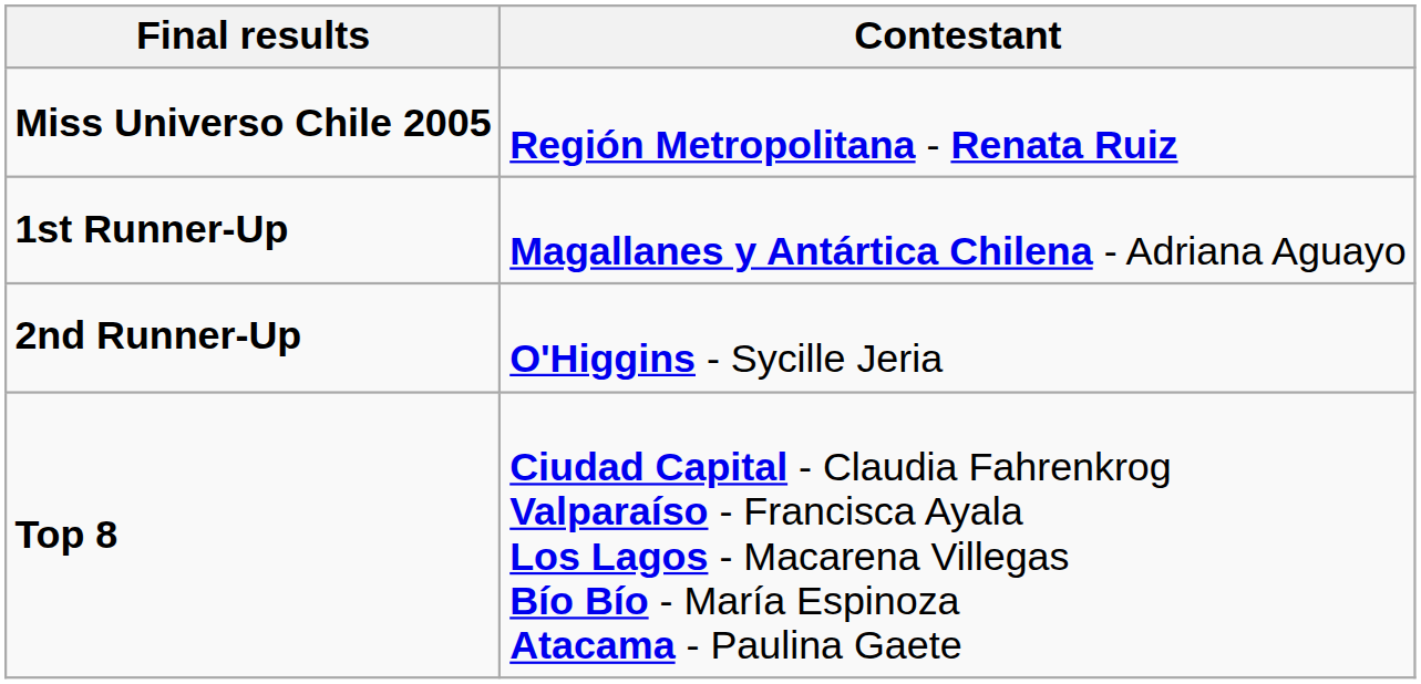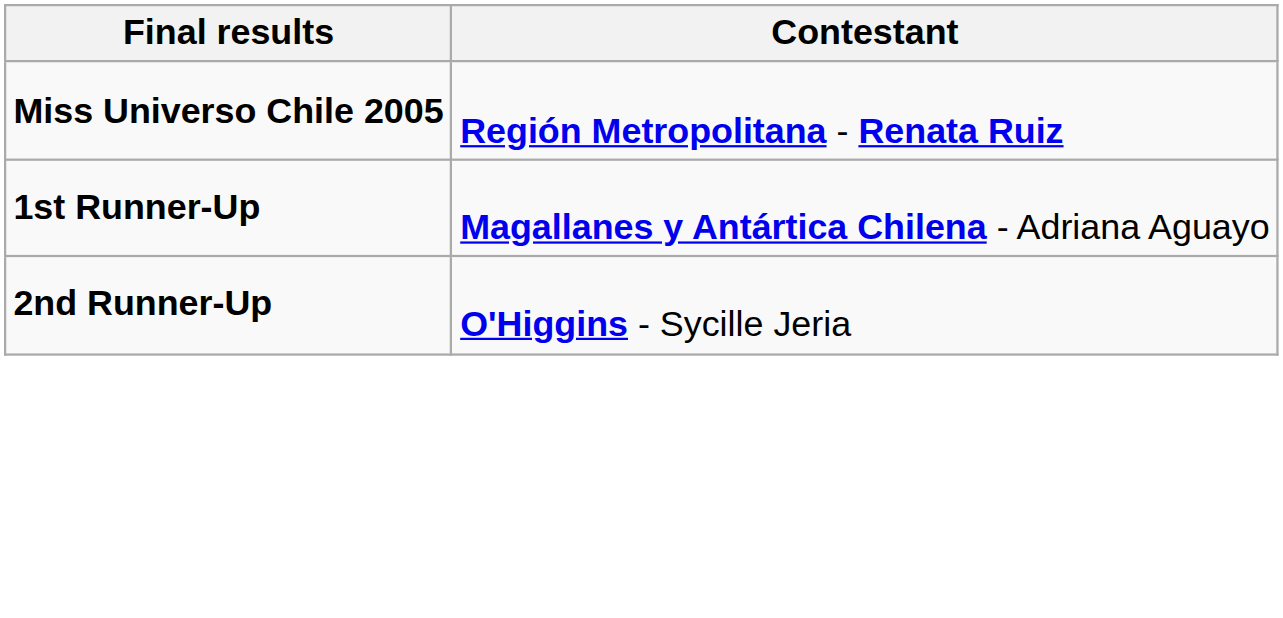 <table class="wikitable">
 <tr>
 <th>Final results</th>
 <th>Contestant</th>
 </tr>
 <tr>
 <td><strong>Miss Universo Chile 2005</strong></td>
 <td><br><strong><a href='#'>Región Metropolitana</a></strong> - <strong><a href='#'>Renata Ruiz</a></strong></td>
 </tr>
 <tr>
 <td><strong>1st Runner-Up</strong></td>
 <td><br><strong><a href='#'>Magallanes y Antártica Chilena</a></strong> - Adriana Aguayo</td>
 </tr>
 <tr>
 <td><strong>2nd Runner-Up</strong></td>
 <td><br><strong><a href='#'>O'Higgins</a></strong> -   Sycille Jeria</td>
 </tr>
-<tr>
-<td><strong>Top 8</strong></td>
-<td><br><strong><a href='#'>Ciudad Capital</a></strong> -  Claudia Fahrenkrog<br> <strong><a href='#'>Valparaíso</a></strong> -  Francisca Ayala<br> <strong><a href='#'>Los Lagos</a></strong> -  Macarena Villegas<br> <strong><a href='#'>Bío Bío</a></strong> -  María Espinoza<br> <strong><a href='#'>Atacama</a></strong> -  Paulina Gaete<br></td>
-</tr>
 </table>
